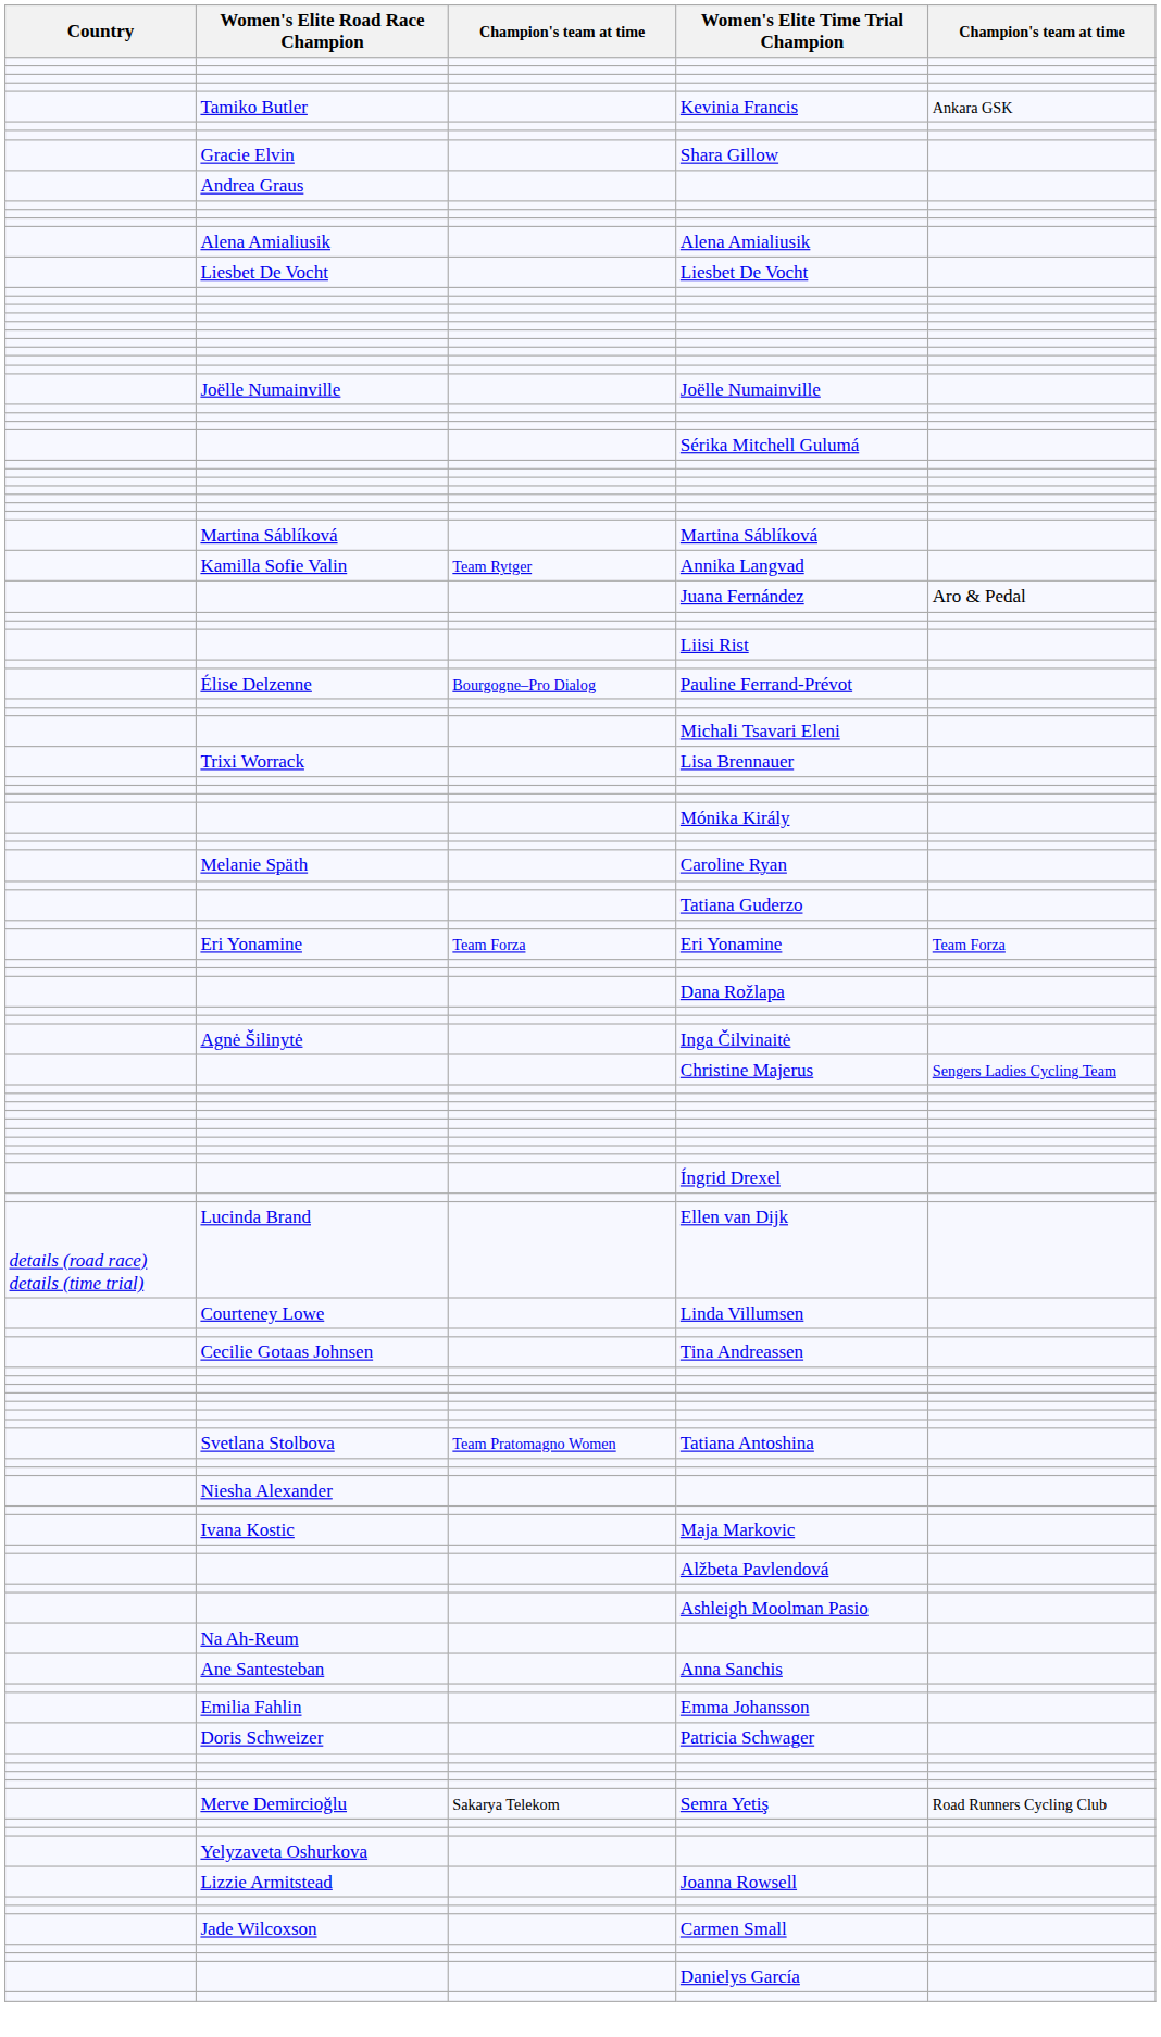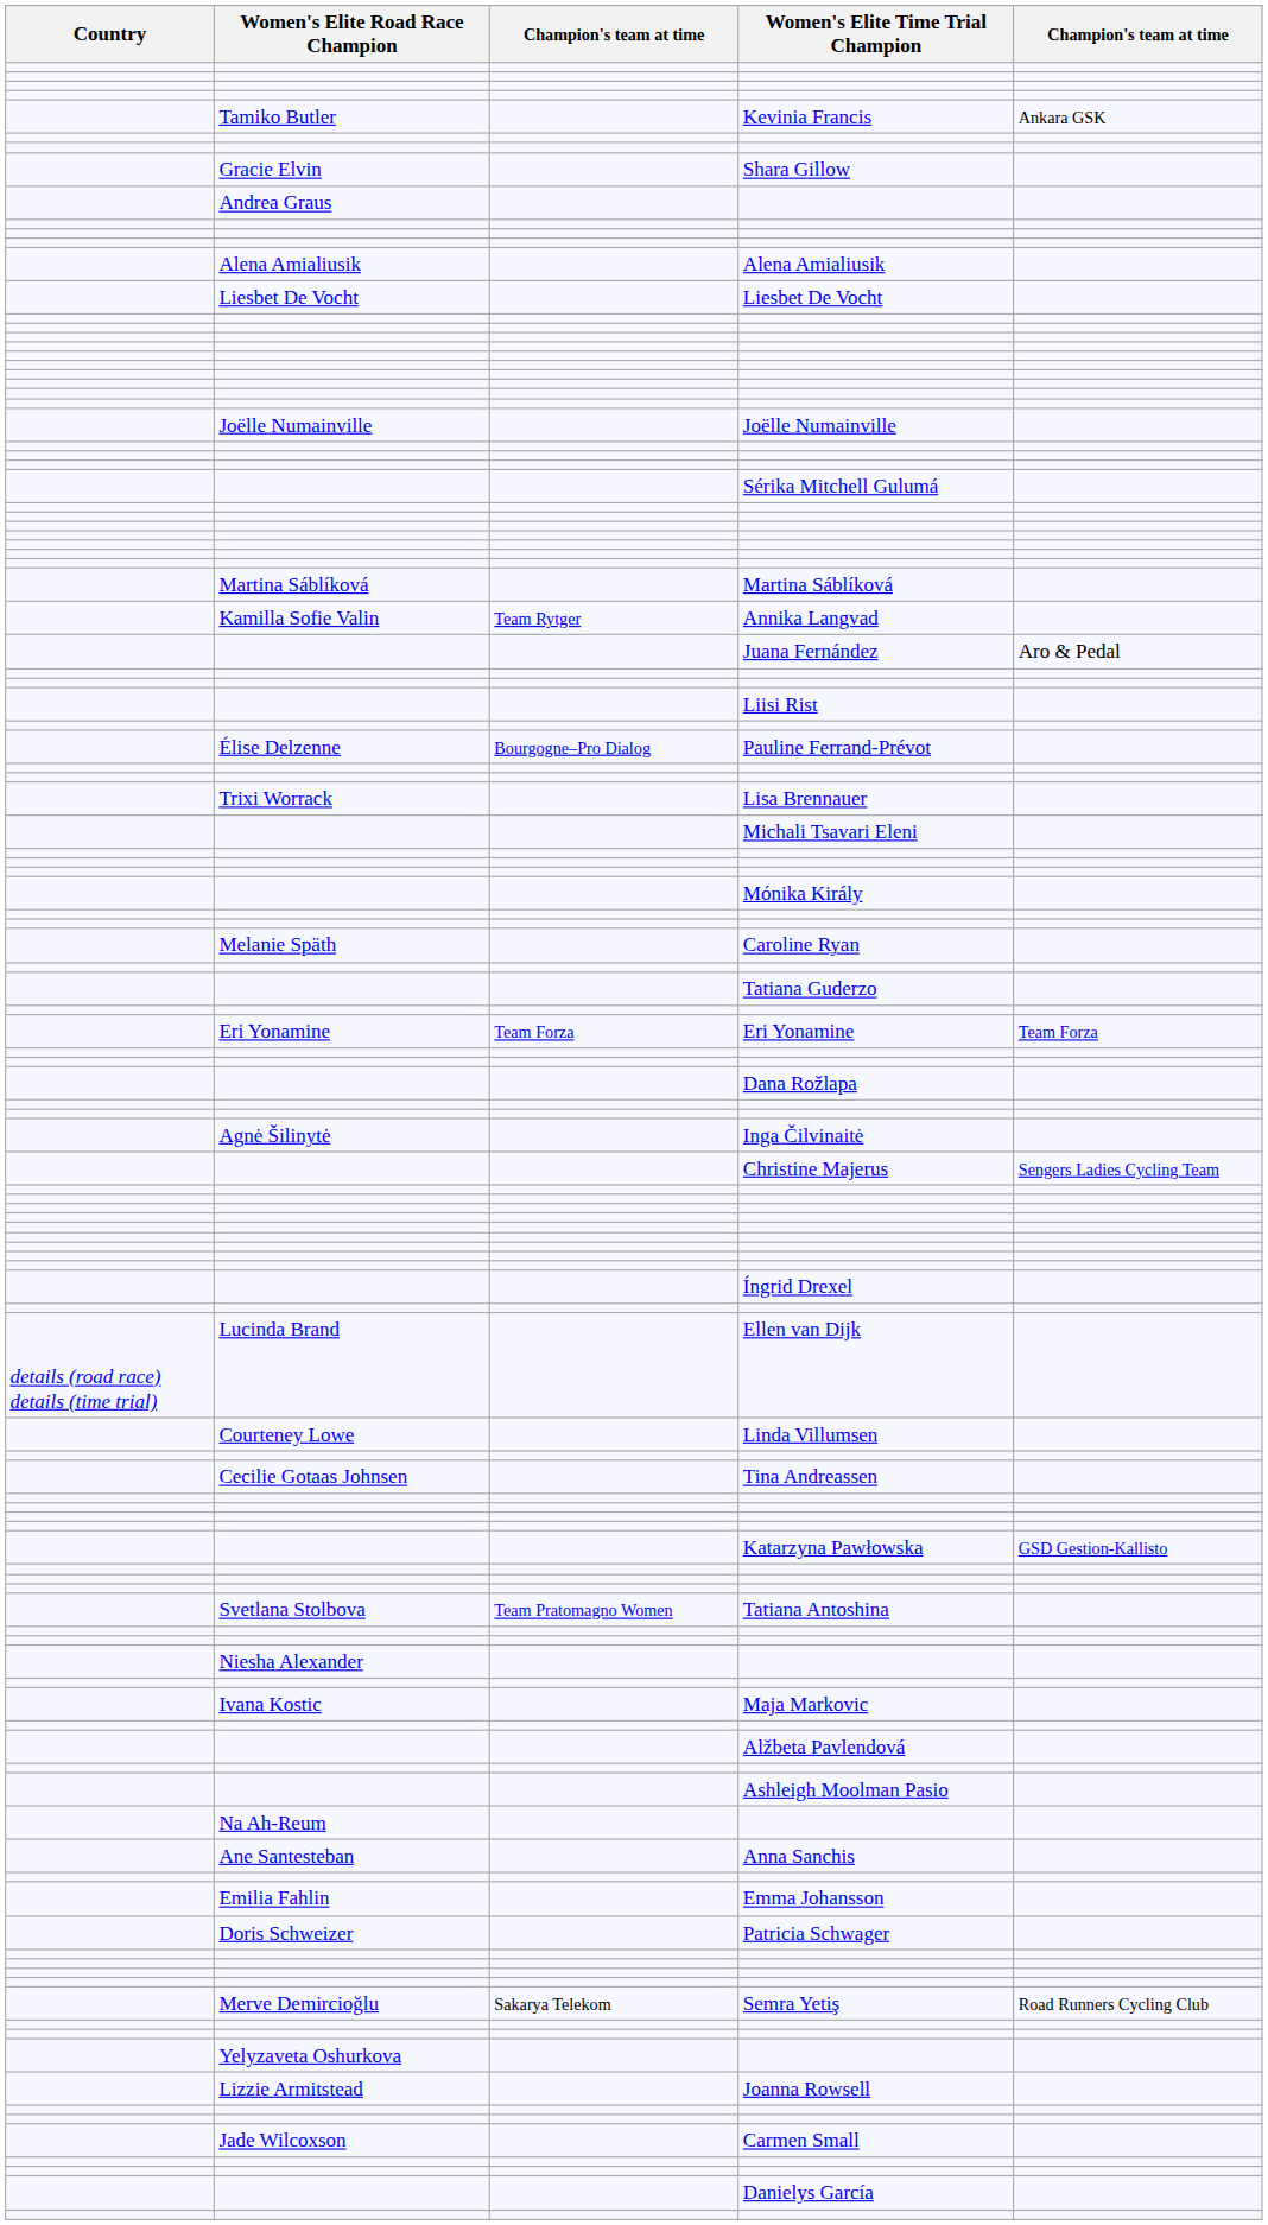 <table class="wikitable sortable"  style="background:#f7f8ff; font-size:95%;">
 <tr>
 <th style="width:150px;">Country</th>
 <th style="width:200px;">Women's Elite Road Race Champion</th>
 <th style="width:180px;"><small>Champion's team at time</small></th>
 <th style="width:200px;">Women's Elite Time Trial Champion</th>
 <th style="width:180px;"><small>Champion's team at time</small></th>
 </tr>
 <tr style="text-align:left; vertical-align:top;">
 <td></td>
 <td></td>
 <td></td>
 <td></td>
 <td></td>
 </tr>
 <tr style="text-align:left; vertical-align:top;">
 <td></td>
 <td></td>
 <td></td>
 <td></td>
 <td></td>
 </tr>
 <tr style="text-align:left; vertical-align:top;">
 <td></td>
 <td></td>
 <td></td>
 <td></td>
 <td></td>
 </tr>
 <tr style="text-align:left; vertical-align:top;">
 <td></td>
 <td></td>
 <td></td>
 <td></td>
 <td></td>
 </tr>
 <tr style="text-align:left; vertical-align:top;">
 <td></td>
 <td><a href='#'>Tamiko Butler</a></td>
 <td></td>
 <td><a href='#'>Kevinia Francis</a></td>
 <td><small>Ankara GSK</small></td>
 </tr>
 <tr style="text-align:left; vertical-align:top;">
 <td></td>
 <td></td>
 <td></td>
 <td></td>
 <td></td>
 </tr>
 <tr style="text-align:left; vertical-align:top;">
 <td></td>
 <td></td>
 <td></td>
 <td></td>
 <td></td>
 </tr>
 <tr style="text-align:left; vertical-align:top;">
 <td></td>
 <td><a href='#'>Gracie Elvin</a></td>
 <td><small></small></td>
 <td><a href='#'>Shara Gillow</a></td>
 <td><small></small></td>
 </tr>
 <tr style="text-align:left; vertical-align:top;">
 <td></td>
 <td><a href='#'>Andrea Graus</a></td>
 <td><small></small></td>
 <td></td>
 <td></td>
 </tr>
 <tr style="text-align:left; vertical-align:top;">
 <td></td>
 <td></td>
 <td></td>
 <td></td>
 <td></td>
 </tr>
 <tr style="text-align:left; vertical-align:top;">
 <td></td>
 <td></td>
 <td></td>
 <td></td>
 <td></td>
 </tr>
 <tr style="text-align:left; vertical-align:top;">
 <td></td>
 <td></td>
 <td></td>
 <td></td>
 <td></td>
 </tr>
 <tr style="text-align:left; vertical-align:top;">
 <td></td>
 <td><a href='#'>Alena Amialiusik</a></td>
 <td><small></small></td>
 <td><a href='#'>Alena Amialiusik</a></td>
 <td><small></small></td>
 </tr>
 <tr style="text-align:left; vertical-align:top;">
 <td></td>
 <td><a href='#'>Liesbet De Vocht</a></td>
 <td><small></small></td>
 <td><a href='#'>Liesbet De Vocht</a></td>
 <td><small></small></td>
 </tr>
 <tr style="text-align:left; vertical-align:top;">
 <td></td>
 <td></td>
 <td></td>
 <td></td>
 <td></td>
 </tr>
 <tr style="text-align:left; vertical-align:top;">
 <td></td>
 <td></td>
 <td></td>
 <td></td>
 <td></td>
 </tr>
 <tr style="text-align:left; vertical-align:top;">
 <td></td>
 <td></td>
 <td></td>
 <td></td>
 <td></td>
 </tr>
 <tr style="text-align:left; vertical-align:top;">
 <td></td>
 <td></td>
 <td></td>
 <td></td>
 <td></td>
 </tr>
 <tr style="text-align:left; vertical-align:top;">
 <td></td>
 <td></td>
 <td></td>
 <td></td>
 <td></td>
 </tr>
 <tr style="text-align:left; vertical-align:top;">
 <td></td>
 <td></td>
 <td></td>
 <td></td>
 <td></td>
 </tr>
 <tr style="text-align:left; vertical-align:top;">
 <td></td>
 <td></td>
 <td></td>
 <td></td>
 <td></td>
 </tr>
 <tr style="text-align:left; vertical-align:top;">
 <td></td>
 <td></td>
 <td></td>
 <td></td>
 <td></td>
 </tr>
 <tr style="text-align:left; vertical-align:top;">
 <td></td>
 <td></td>
 <td></td>
 <td></td>
 <td></td>
 </tr>
 <tr style="text-align:left; vertical-align:top;">
 <td></td>
 <td></td>
 <td></td>
 <td></td>
 <td></td>
 </tr>
 <tr style="text-align:left; vertical-align:top;">
 <td></td>
 <td><a href='#'>Joëlle Numainville</a></td>
 <td><small></small></td>
 <td><a href='#'>Joëlle Numainville</a></td>
 <td><small></small></td>
 </tr>
 <tr style="text-align:left; vertical-align:top;">
 <td></td>
 <td></td>
 <td></td>
 <td></td>
 <td></td>
 </tr>
 <tr style="text-align:left; vertical-align:top;">
 <td></td>
 <td></td>
 <td></td>
 <td></td>
 <td></td>
 </tr>
 <tr style="text-align:left; vertical-align:top;">
 <td></td>
 <td></td>
 <td></td>
 <td></td>
 <td></td>
 </tr>
 <tr style="text-align:left; vertical-align:top;">
 <td></td>
 <td></td>
 <td></td>
 <td><a href='#'>Sérika Mitchell Gulumá</a></td>
 <td></td>
 </tr>
 <tr style="text-align:left; vertical-align:top;">
 <td></td>
 <td></td>
 <td></td>
 <td></td>
 <td></td>
 </tr>
 <tr style="text-align:left; vertical-align:top;">
 <td></td>
 <td></td>
 <td></td>
 <td></td>
 <td></td>
 </tr>
 <tr style="text-align:left; vertical-align:top;">
 <td></td>
 <td></td>
 <td></td>
 <td></td>
 <td></td>
 </tr>
 <tr style="text-align:left; vertical-align:top;">
 <td></td>
 <td></td>
 <td></td>
 <td></td>
 <td></td>
 </tr>
 <tr style="text-align:left; vertical-align:top;">
 <td></td>
 <td></td>
 <td></td>
 <td></td>
 <td></td>
 </tr>
 <tr style="text-align:left; vertical-align:top;">
 <td></td>
 <td></td>
 <td></td>
 <td></td>
 <td></td>
 </tr>
 <tr style="text-align:left; vertical-align:top;">
 <td></td>
 <td></td>
 <td></td>
 <td></td>
 <td></td>
 </tr>
 <tr style="text-align:left; vertical-align:top;">
 <td></td>
 <td><a href='#'>Martina Sáblíková</a></td>
 <td></td>
 <td><a href='#'>Martina Sáblíková</a></td>
 <td></td>
 </tr>
 <tr style="text-align:left; vertical-align:top;">
 <td></td>
 <td><a href='#'>Kamilla Sofie Valin</a></td>
 <td><small><a href='#'>Team Rytger</a></small></td>
 <td><a href='#'>Annika Langvad</a></td>
 <td></td>
 </tr>
 <tr style="text-align:left; vertical-align:top;">
 <td></td>
 <td></td>
 <td></td>
 <td><a href='#'>Juana Fernández</a></td>
 <td>Aro & Pedal</td>
 </tr>
 <tr style="text-align:left; vertical-align:top;">
 <td></td>
 <td></td>
 <td></td>
 <td></td>
 <td></td>
 </tr>
 <tr style="text-align:left; vertical-align:top;">
 <td></td>
 <td></td>
 <td></td>
 <td></td>
 <td></td>
 </tr>
 <tr style="text-align:left; vertical-align:top;">
 <td></td>
 <td></td>
 <td></td>
 <td><a href='#'>Liisi Rist</a></td>
 <td><small></small></td>
 </tr>
 <tr style="text-align:left; vertical-align:top;">
 <td></td>
 <td></td>
 <td></td>
 <td></td>
 <td></td>
 </tr>
 <tr style="text-align:left; vertical-align:top;">
 <td></td>
 <td><a href='#'>Élise Delzenne</a></td>
 <td><small><a href='#'>Bourgogne–Pro Dialog</a></small></td>
 <td><a href='#'>Pauline Ferrand-Prévot</a></td>
 <td><small></small></td>
 </tr>
 <tr style="text-align:left; vertical-align:top;">
 <td></td>
 <td></td>
 <td></td>
 <td></td>
 <td></td>
 </tr>
 <tr style="text-align:left; vertical-align:top;">
 <td></td>
 <td></td>
 <td></td>
 <td></td>
 <td></td>
 </tr>
 <tr style="text-align:left; vertical-align:top;">
 <td></td>
+<td><a href='#'>Trixi Worrack</a></td>
+<td><small></small></td>
+<td><a href='#'>Lisa Brennauer</a></td>
+<td><small></small></td>
+</tr>
+<tr style="text-align:left; vertical-align:top;">
+<td></td>
 <td></td>
 <td></td>
 <td><a href='#'>Michali Tsavari Eleni</a></td>
 <td></td>
-</tr>
-<tr style="text-align:left; vertical-align:top;">
-<td></td>
-<td><a href='#'>Trixi Worrack</a></td>
-<td><small></small></td>
-<td><a href='#'>Lisa Brennauer</a></td>
-<td><small></small></td>
 </tr>
 <tr style="text-align:left; vertical-align:top;">
 <td></td>
 <td></td>
 <td></td>
 <td></td>
 <td></td>
 </tr>
 <tr style="text-align:left; vertical-align:top;">
 <td></td>
 <td></td>
 <td></td>
 <td></td>
 <td></td>
 </tr>
 <tr style="text-align:left; vertical-align:top;">
 <td></td>
 <td></td>
 <td></td>
 <td></td>
 <td></td>
 </tr>
 <tr style="text-align:left; vertical-align:top;">
 <td></td>
 <td></td>
 <td></td>
 <td><a href='#'>Mónika Király</a></td>
 <td></td>
 </tr>
 <tr style="text-align:left; vertical-align:top;">
 <td></td>
 <td></td>
 <td></td>
 <td></td>
 <td></td>
 </tr>
 <tr style="text-align:left; vertical-align:top;">
 <td></td>
 <td></td>
 <td></td>
 <td></td>
 <td></td>
 </tr>
 <tr style="text-align:left; vertical-align:top;">
 <td></td>
 <td><a href='#'>Melanie Späth</a></td>
 <td></td>
 <td><a href='#'>Caroline Ryan</a></td>
 <td></td>
 </tr>
 <tr style="text-align:left; vertical-align:top;">
 <td></td>
 <td></td>
 <td></td>
 <td></td>
 <td></td>
 </tr>
 <tr style="text-align:left; vertical-align:top;">
 <td></td>
 <td></td>
 <td></td>
 <td><a href='#'>Tatiana Guderzo</a></td>
 <td><small></small></td>
 </tr>
 <tr style="text-align:left; vertical-align:top;">
 <td></td>
 <td></td>
 <td></td>
 <td></td>
 <td></td>
 </tr>
 <tr style="text-align:left; vertical-align:top;">
 <td></td>
 <td><a href='#'>Eri Yonamine</a></td>
 <td><small><a href='#'>Team Forza</a></small></td>
 <td><a href='#'>Eri Yonamine</a></td>
 <td><small><a href='#'>Team Forza</a></small></td>
 </tr>
 <tr style="text-align:left; vertical-align:top;">
 <td></td>
 <td></td>
 <td></td>
 <td></td>
 <td></td>
 </tr>
 <tr style="text-align:left; vertical-align:top;">
 <td></td>
 <td></td>
 <td></td>
 <td></td>
 <td></td>
 </tr>
 <tr style="text-align:left; vertical-align:top;">
 <td></td>
 <td></td>
 <td></td>
 <td><a href='#'>Dana Rožlapa</a></td>
 <td></td>
 </tr>
 <tr style="text-align:left; vertical-align:top;">
 <td></td>
 <td></td>
 <td></td>
 <td></td>
 <td></td>
 </tr>
 <tr style="text-align:left; vertical-align:top;">
 <td></td>
 <td></td>
 <td></td>
 <td></td>
 <td></td>
 </tr>
 <tr style="text-align:left; vertical-align:top;">
 <td></td>
 <td><a href='#'>Agnė Šilinytė</a></td>
 <td><small></small></td>
 <td><a href='#'>Inga Čilvinaitė</a></td>
 <td><small></small></td>
 </tr>
 <tr style="text-align:left; vertical-align:top;"|>
 <td></td>
 <td></td>
 <td></td>
 <td><a href='#'>Christine Majerus</a></td>
 <td><small><a href='#'>Sengers Ladies Cycling Team</a></small></td>
 </tr>
 <tr style="text-align:left; vertical-align:top;">
 <td></td>
 <td></td>
 <td></td>
 <td></td>
 <td></td>
 </tr>
 <tr style="text-align:left; vertical-align:top;">
 <td></td>
 <td></td>
 <td></td>
 <td></td>
 <td></td>
 </tr>
 <tr style="text-align:left; vertical-align:top;">
 <td></td>
 <td></td>
 <td></td>
 <td></td>
 <td></td>
 </tr>
 <tr style="text-align:left; vertical-align:top;">
 <td></td>
 <td></td>
 <td></td>
 <td></td>
 <td></td>
 </tr>
 <tr style="text-align:left; vertical-align:top;">
 <td></td>
 <td></td>
 <td></td>
 <td></td>
 <td></td>
 </tr>
 <tr style="text-align:left; vertical-align:top;">
 <td></td>
 <td></td>
 <td></td>
 <td></td>
 <td></td>
 </tr>
 <tr style="text-align:left; vertical-align:top;">
 <td></td>
 <td></td>
 <td></td>
 <td></td>
 <td></td>
 </tr>
 <tr style="text-align:left; vertical-align:top;">
 <td></td>
 <td></td>
 <td></td>
 <td></td>
 <td></td>
 </tr>
 <tr style="text-align:left; vertical-align:top;">
 <td></td>
 <td></td>
 <td></td>
 <td></td>
 <td></td>
 </tr>
 <tr style="text-align:left; vertical-align:top;">
 <td></td>
 <td></td>
 <td></td>
 <td><a href='#'>Íngrid Drexel</a></td>
 <td><small></small></td>
 </tr>
 <tr style="text-align:left; vertical-align:top;">
 <td></td>
 <td></td>
 <td></td>
 <td></td>
 <td></td>
 </tr>
 <tr style="text-align:left; vertical-align:top;">
 <td><br><br><em><a href='#'>details (road race)</a></em><br> <em><a href='#'>details (time trial)</a></em></td>
 <td><a href='#'>Lucinda Brand</a></td>
 <td><small></small></td>
 <td><a href='#'>Ellen van Dijk</a></td>
 <td><small></small></td>
 </tr>
 <tr style="text-align:left; vertical-align:top;">
 <td></td>
 <td><a href='#'>Courteney Lowe</a></td>
 <td><small></small></td>
 <td><a href='#'>Linda Villumsen</a></td>
 <td><small></small></td>
 </tr>
 <tr style="text-align:left; vertical-align:top;">
 <td></td>
 <td></td>
 <td></td>
 <td></td>
 <td></td>
 </tr>
 <tr style="text-align:left; vertical-align:top;">
 <td></td>
 <td><a href='#'>Cecilie Gotaas Johnsen</a></td>
 <td><small></small></td>
 <td><a href='#'>Tina Andreassen</a></td>
 <td></td>
 </tr>
 <tr style="text-align:left; vertical-align:top;">
 <td></td>
 <td></td>
 <td></td>
 <td></td>
 <td></td>
 </tr>
 <tr style="text-align:left; vertical-align:top;">
 <td></td>
 <td></td>
 <td></td>
 <td></td>
 <td></td>
 </tr>
 <tr style="text-align:left; vertical-align:top;">
 <td></td>
 <td></td>
 <td></td>
 <td></td>
 <td></td>
 </tr>
 <tr style="text-align:left; vertical-align:top;">
 <td></td>
 <td></td>
 <td></td>
 <td></td>
 <td></td>
 </tr>
 <tr style="text-align:left; vertical-align:top;">
 <td></td>
 <td></td>
 <td></td>
+<td><a href='#'>Katarzyna Pawłowska</a></td>
+<td><small><a href='#'>GSD Gestion-Kallisto</a></small></td>
+</tr>
+<tr style="text-align:left; vertical-align:top;">
+<td></td>
+<td></td>
+<td></td>
 <td></td>
 <td></td>
 </tr>
 <tr style="text-align:left; vertical-align:top;">
 <td></td>
 <td></td>
 <td></td>
 <td></td>
 <td></td>
 </tr>
 <tr style="text-align:left; vertical-align:top;">
 <td></td>
 <td></td>
 <td></td>
 <td></td>
 <td></td>
 </tr>
 <tr style="text-align:left; vertical-align:top;">
 <td></td>
 <td><a href='#'>Svetlana Stolbova</a></td>
 <td><small><a href='#'>Team Pratomagno Women</a></small></td>
 <td><a href='#'>Tatiana Antoshina</a></td>
 <td><small></small></td>
 </tr>
 <tr style="text-align:left; vertical-align:top;">
 <td></td>
 <td></td>
 <td></td>
 <td></td>
 <td></td>
 </tr>
 <tr style="text-align:left; vertical-align:top;">
 <td></td>
 <td></td>
 <td></td>
 <td></td>
 <td></td>
 </tr>
 <tr style="text-align:left; vertical-align:top;">
 <td></td>
 <td><a href='#'>Niesha Alexander</a></td>
 <td></td>
 <td></td>
 <td></td>
 </tr>
 <tr style="text-align:left; vertical-align:top;">
 <td></td>
 <td></td>
 <td></td>
 <td></td>
 <td></td>
 </tr>
 <tr style="text-align:left; vertical-align:top;">
 <td></td>
 <td><a href='#'>Ivana Kostic</a></td>
 <td></td>
 <td><a href='#'>Maja Markovic</a></td>
 <td></td>
 </tr>
 <tr style="text-align:left; vertical-align:top;">
 <td></td>
 <td></td>
 <td></td>
 <td></td>
 <td></td>
 </tr>
 <tr style="text-align:left; vertical-align:top;">
 <td></td>
 <td></td>
 <td></td>
 <td><a href='#'>Alžbeta Pavlendová</a></td>
 <td></td>
 </tr>
 <tr style="text-align:left; vertical-align:top;">
 <td></td>
 <td></td>
 <td></td>
 <td></td>
 <td></td>
 </tr>
 <tr style="text-align:left; vertical-align:top;">
 <td></td>
 <td></td>
 <td></td>
 <td><a href='#'>Ashleigh Moolman Pasio</a></td>
 <td><small></small></td>
 </tr>
 <tr style="text-align:left; vertical-align:top;">
 <td></td>
 <td><a href='#'>Na Ah-Reum</a></td>
 <td></td>
 <td></td>
 <td></td>
 </tr>
 <tr style="text-align:left; vertical-align:top;">
 <td></td>
 <td><a href='#'>Ane Santesteban</a></td>
 <td><small></small></td>
 <td><a href='#'>Anna Sanchis</a></td>
 <td><small></small></td>
 </tr>
 <tr style="text-align:left; vertical-align:top;">
 <td></td>
 <td></td>
 <td></td>
 <td></td>
 <td></td>
 </tr>
 <tr style="text-align:left; vertical-align:top;">
 <td></td>
 <td><a href='#'>Emilia Fahlin</a></td>
 <td><small></small></td>
 <td><a href='#'>Emma Johansson</a></td>
 <td><small></small></td>
 </tr>
 <tr style="text-align:left; vertical-align:top;">
 <td></td>
 <td><a href='#'>Doris Schweizer</a></td>
 <td><small></small></td>
 <td><a href='#'>Patricia Schwager</a></td>
 <td><small></small></td>
 </tr>
 <tr style="text-align:left; vertical-align:top;">
 <td></td>
 <td></td>
 <td></td>
 <td></td>
 <td></td>
 </tr>
 <tr style="text-align:left; vertical-align:top;">
 <td></td>
 <td></td>
 <td></td>
 <td></td>
 <td></td>
 </tr>
 <tr style="text-align:left; vertical-align:top;">
 <td></td>
 <td></td>
 <td></td>
 <td></td>
 <td></td>
 </tr>
 <tr style="text-align:left; vertical-align:top;">
 <td></td>
 <td></td>
 <td></td>
 <td></td>
 <td></td>
 </tr>
 <tr style="text-align:left; vertical-align:top;">
 <td></td>
 <td><a href='#'>Merve Demircioğlu</a></td>
 <td><small>Sakarya Telekom</small></td>
 <td><a href='#'>Semra Yetiş</a></td>
 <td><small>Road Runners Cycling Club</small></td>
 </tr>
 <tr style="text-align:left; vertical-align:top;">
 <td></td>
 <td></td>
 <td></td>
 <td></td>
 <td></td>
 </tr>
 <tr style="text-align:left; vertical-align:top;">
 <td></td>
 <td></td>
 <td></td>
 <td></td>
 <td></td>
 </tr>
 <tr style="text-align:left; vertical-align:top;">
 <td></td>
 <td><a href='#'>Yelyzaveta Oshurkova</a></td>
 <td></td>
 <td></td>
 <td></td>
 </tr>
 <tr style="text-align:left; vertical-align:top;">
 <td></td>
 <td><a href='#'>Lizzie Armitstead</a></td>
 <td><small></small></td>
 <td><a href='#'>Joanna Rowsell</a></td>
 <td><small></small></td>
 </tr>
 <tr style="text-align:left; vertical-align:top;">
 <td></td>
 <td></td>
 <td></td>
 <td></td>
 <td></td>
 </tr>
 <tr style="text-align:left; vertical-align:top;">
 <td></td>
 <td></td>
 <td></td>
 <td></td>
 <td></td>
 </tr>
 <tr style="text-align:left; vertical-align:top;">
 <td></td>
 <td><a href='#'>Jade Wilcoxson</a></td>
 <td><small></small></td>
 <td><a href='#'>Carmen Small</a></td>
 <td><small></small></td>
 </tr>
 <tr style="text-align:left; vertical-align:top;">
 <td></td>
 <td></td>
 <td></td>
 <td></td>
 <td></td>
 </tr>
 <tr style="text-align:left; vertical-align:top;">
 <td></td>
 <td></td>
 <td></td>
 <td></td>
 <td></td>
 </tr>
 <tr style="text-align:left; vertical-align:top;">
 <td></td>
 <td></td>
 <td></td>
 <td><a href='#'>Danielys García</a></td>
 <td></td>
 </tr>
 <tr style="text-align:left; vertical-align:top;">
 <td></td>
 <td></td>
 <td></td>
 <td></td>
 <td></td>
 </tr>
 </table>
